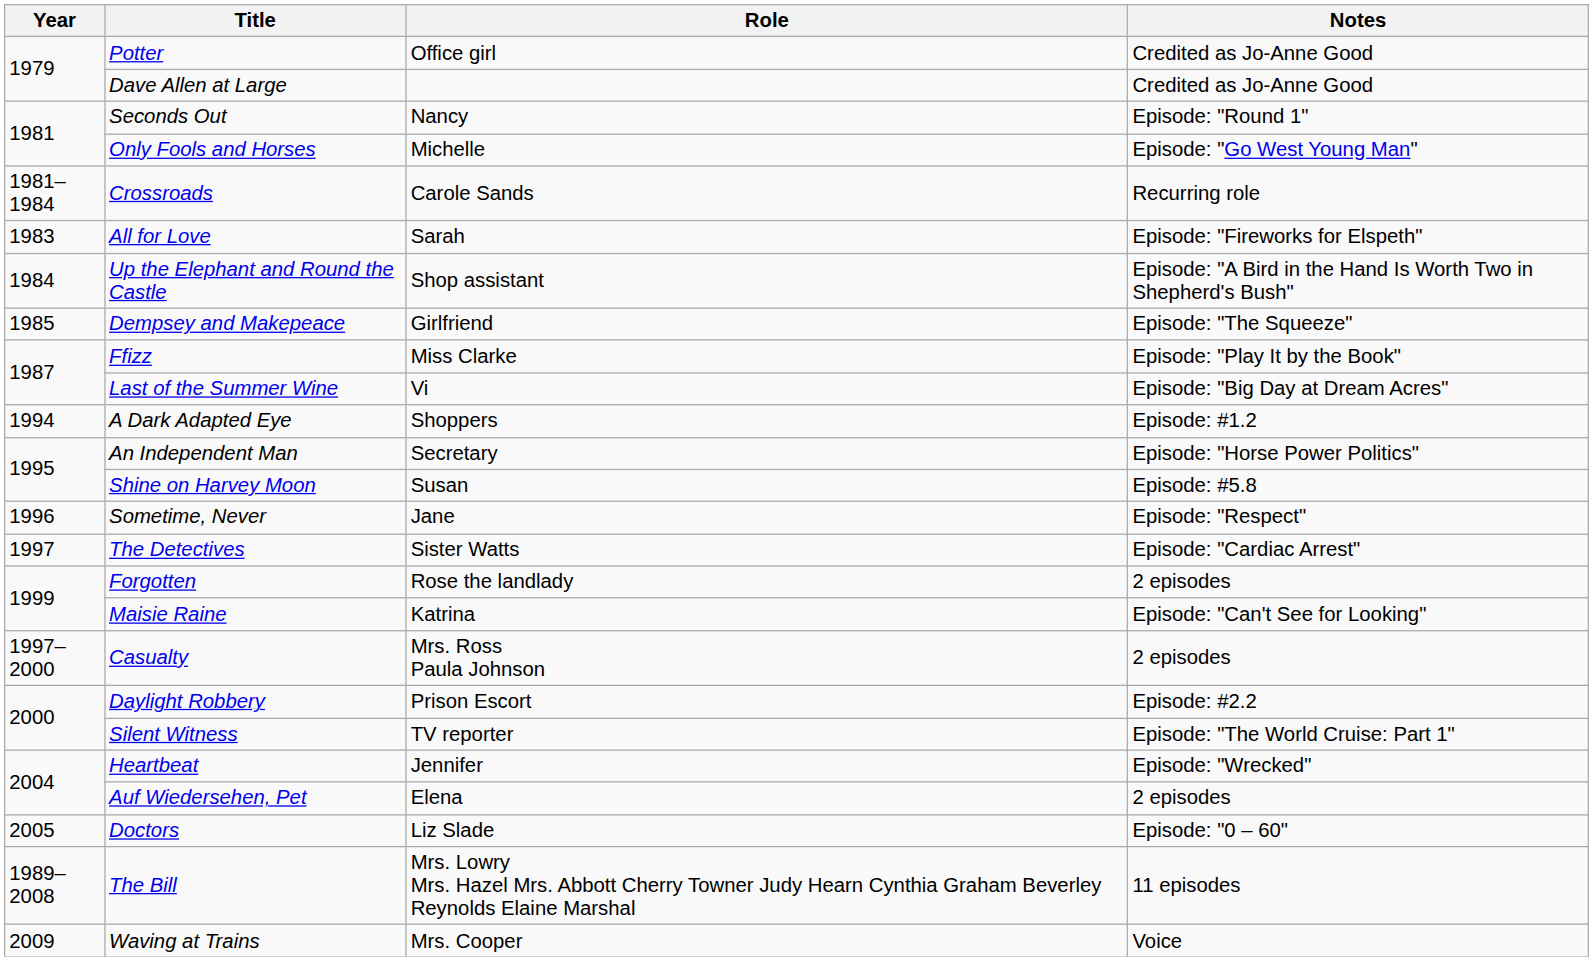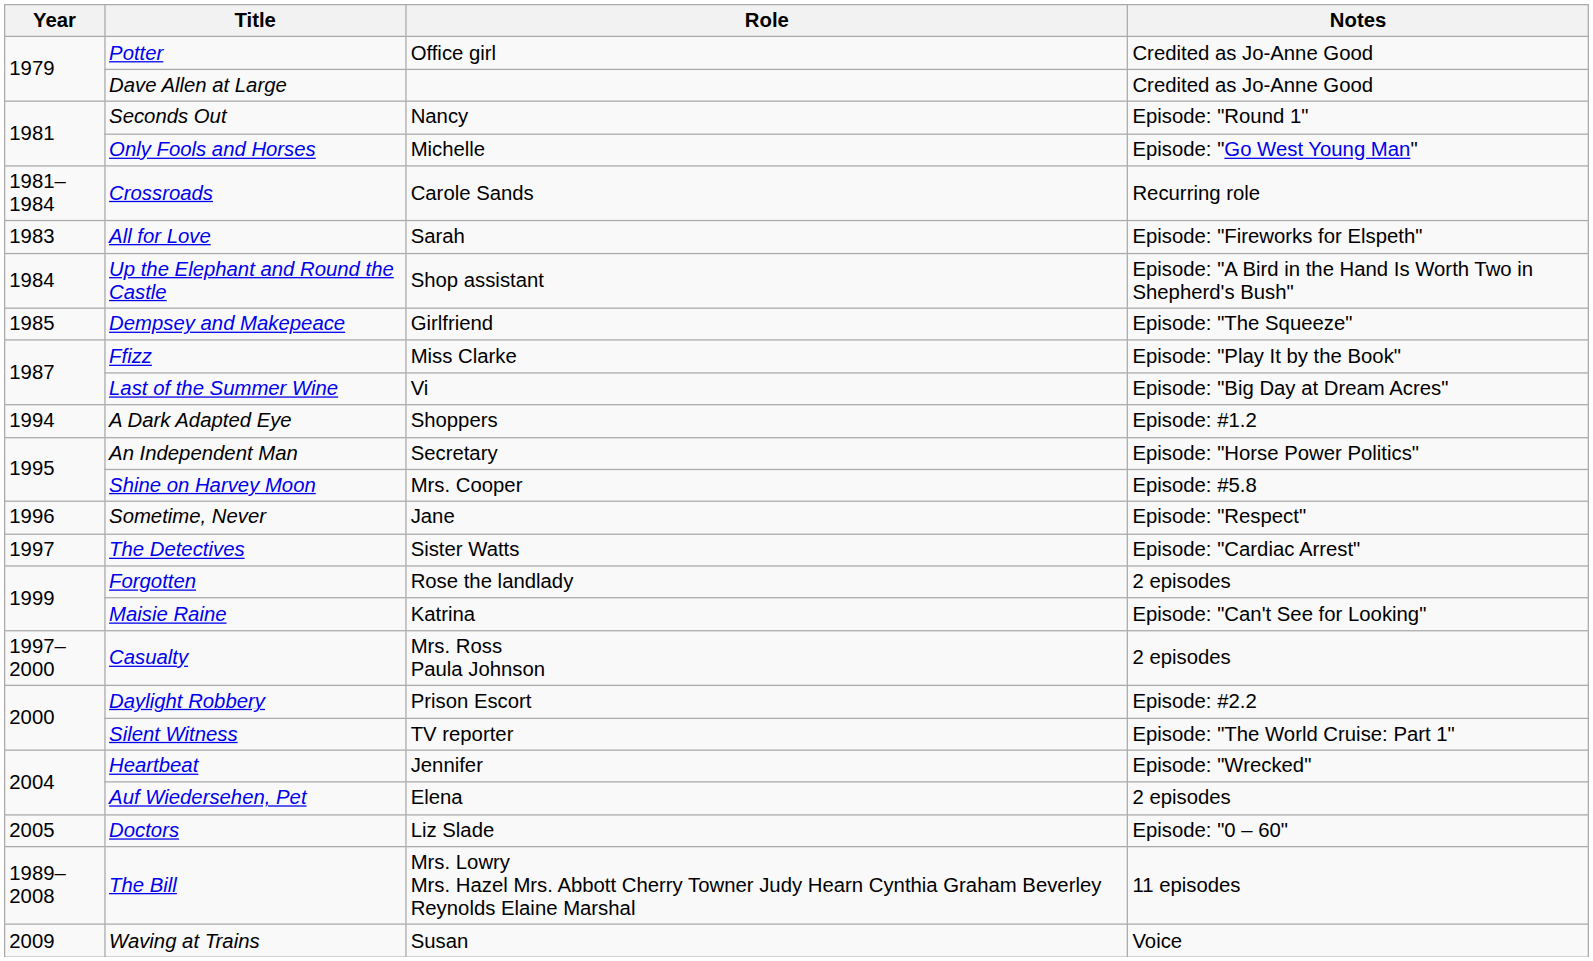 <table class="wikitable sortable">
 <tr>
 <th>Year</th>
 <th>Title</th>
 <th>Role</th>
 <th class="unsortable">Notes</th>
 </tr>
 <tr>
 <td rowspan="2">1979</td>
 <td><em><a href='#'>Potter</a></em></td>
 <td>Office girl</td>
 <td>Credited as Jo-Anne Good</td>
 </tr>
 <tr>
 <td><em>Dave Allen at Large</em></td>
 <td></td>
 <td>Credited as Jo-Anne Good</td>
 </tr>
 <tr>
 <td rowspan="2">1981</td>
 <td><em>Seconds Out</em></td>
 <td>Nancy</td>
 <td>Episode: "Round 1"</td>
 </tr>
 <tr>
 <td><em><a href='#'>Only Fools and Horses</a></em></td>
 <td>Michelle</td>
 <td>Episode: "<a href='#'>Go West Young Man</a>"</td>
 </tr>
 <tr>
 <td>1981–1984</td>
 <td><em><a href='#'>Crossroads</a></em></td>
 <td>Carole Sands</td>
 <td>Recurring role</td>
 </tr>
 <tr>
 <td>1983</td>
 <td><em><a href='#'>All for Love</a></em></td>
 <td>Sarah</td>
 <td>Episode: "Fireworks for Elspeth"</td>
 </tr>
 <tr>
 <td>1984</td>
 <td><em><a href='#'>Up the Elephant and Round the Castle</a></em></td>
 <td>Shop assistant</td>
 <td>Episode: "A Bird in the Hand Is Worth Two in Shepherd's Bush"</td>
 </tr>
 <tr>
 <td>1985</td>
 <td><em><a href='#'>Dempsey and Makepeace</a></em></td>
 <td>Girlfriend</td>
 <td>Episode: "The Squeeze"</td>
 </tr>
 <tr>
 <td rowspan="2">1987</td>
 <td><em><a href='#'>Ffizz</a></em></td>
 <td>Miss Clarke</td>
 <td>Episode: "Play It by the Book"</td>
 </tr>
 <tr>
 <td><em><a href='#'>Last of the Summer Wine</a></em></td>
 <td>Vi</td>
 <td>Episode: "Big Day at Dream Acres"</td>
 </tr>
 <tr>
 <td>1994</td>
 <td><em>A Dark Adapted Eye</em></td>
 <td>Shoppers</td>
 <td>Episode: #1.2</td>
 </tr>
 <tr>
 <td rowspan="2">1995</td>
 <td><em>An Independent Man</em></td>
 <td>Secretary</td>
 <td>Episode: "Horse Power Politics"</td>
 </tr>
 <tr>
 <td><em><a href='#'>Shine on Harvey Moon</a></em></td>
-<td>Susan</td>
+<td>Mrs. Cooper</td>
 <td>Episode: #5.8</td>
 </tr>
 <tr>
 <td>1996</td>
 <td><em>Sometime, Never</em></td>
 <td>Jane</td>
 <td>Episode: "Respect"</td>
 </tr>
 <tr>
 <td>1997</td>
 <td><em><a href='#'>The Detectives</a></em></td>
 <td>Sister Watts</td>
 <td>Episode: "Cardiac Arrest"</td>
 </tr>
 <tr>
 <td rowspan="2">1999</td>
 <td><em><a href='#'>Forgotten</a></em></td>
 <td>Rose the landlady</td>
 <td>2 episodes</td>
 </tr>
 <tr>
 <td><em><a href='#'>Maisie Raine</a></em></td>
 <td>Katrina</td>
 <td>Episode: "Can't See for Looking"</td>
 </tr>
 <tr>
 <td>1997–2000</td>
 <td><em><a href='#'>Casualty</a></em></td>
 <td>Mrs. Ross<br>Paula Johnson</td>
 <td>2 episodes</td>
 </tr>
 <tr>
 <td rowspan="2">2000</td>
 <td><em><a href='#'>Daylight Robbery</a></em></td>
 <td>Prison Escort</td>
 <td>Episode: #2.2</td>
 </tr>
 <tr>
 <td><em><a href='#'>Silent Witness</a></em></td>
 <td>TV reporter</td>
 <td>Episode: "The World Cruise: Part 1"</td>
 </tr>
 <tr>
 <td rowspan="2">2004</td>
 <td><em><a href='#'>Heartbeat</a></em></td>
 <td>Jennifer</td>
 <td>Episode: "Wrecked"</td>
 </tr>
 <tr>
 <td><em><a href='#'>Auf Wiedersehen, Pet</a></em></td>
 <td>Elena</td>
 <td>2 episodes</td>
 </tr>
 <tr>
 <td>2005</td>
 <td><em><a href='#'>Doctors</a></em></td>
 <td>Liz Slade</td>
 <td>Episode: "0 – 60"</td>
 </tr>
 <tr>
 <td>1989–2008</td>
 <td><em><a href='#'>The Bill</a></em></td>
 <td>Mrs. Lowry<br>Mrs. Hazel Mrs. Abbott Cherry Towner Judy Hearn Cynthia Graham Beverley Reynolds Elaine Marshal</td>
 <td>11 episodes</td>
 </tr>
 <tr>
 <td>2009</td>
 <td><em>Waving at Trains</em></td>
-<td>Mrs. Cooper</td>
+<td>Susan</td>
 <td>Voice</td>
 </tr>
 </table>
